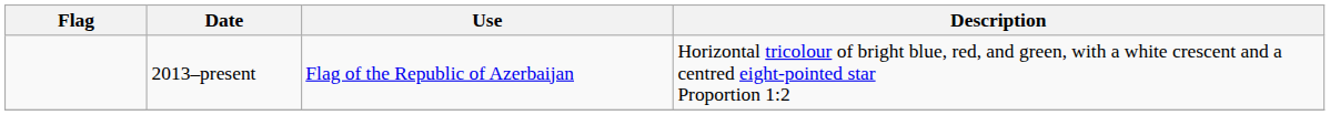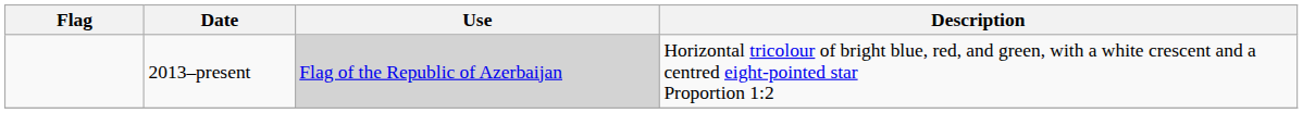 <table class="wikitable">
 <tr>
 <th scope="col" style="width:110px;">Flag</th>
 <th scope="col" style="width:120px;">Date</th>
 <th scope="col" style="width:300px;">Use</th>
 <th scope="col" style="width:530px;">Description</th>
 </tr>
 <tr>
 <td></td>
 <td>2013–present</td>
-<td><a href='#'>Flag of the Republic of Azerbaijan</a></td>
+<td style="background: lightgrey;"><a href='#'>Flag of the Republic of Azerbaijan</a></td>
 <td>Horizontal <a href='#'>tricolour</a> of bright blue, red, and green, with a white crescent and a centred <a href='#'>eight-pointed star</a> <br> Proportion 1:2</td>
 </tr>
 <tr>
 </tr>
 </table>
